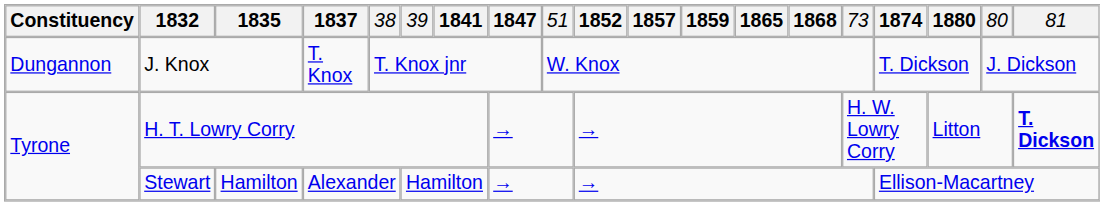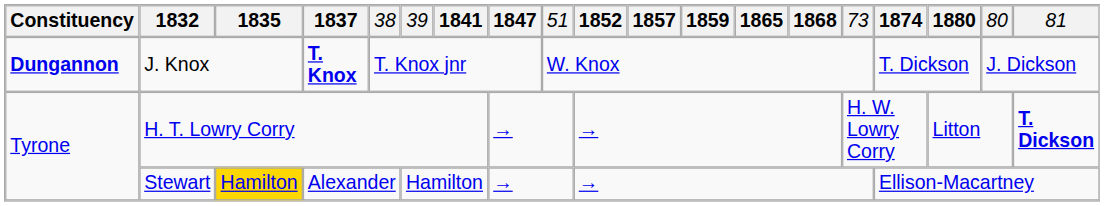 <table class="wikitable" style="border-collapse: separate; border-spacing: 0;">
 <tr>
 <th>Constituency</th>
 <th>1832</th>
 <th>1835</th>
 <th>1837</th>
 <th style="font-weight: normal;"><em>38</em></th>
 <th style="font-weight: normal;"><em>39</em></th>
 <th>1841</th>
 <th>1847</th>
 <th style="font-weight: normal;"><em>51</em></th>
 <th>1852</th>
 <th>1857</th>
 <th>1859</th>
 <th>1865</th>
 <th>1868</th>
 <th style="font-weight: normal;"><em>73</em></th>
 <th>1874</th>
 <th>1880</th>
 <th style="font-weight: normal;"><em>80</em></th>
 <th style="font-weight: normal;"><em>81</em></th>
 </tr>
 <tr>
-<td><a href='#'>Dungannon</a></td>
+<td><strong><a href='#'>Dungannon</a></strong></td>
 <td colspan="2">J. Knox</td>
-<td><a href='#'>T. Knox</a></td>
+<td><strong><a href='#'>T. Knox</a></strong></td>
 <td colspan="4"><a href='#'>T. Knox jnr</a></td>
 <td colspan="7"><a href='#'>W. Knox</a></td>
 <td colspan="2"><a href='#'>T. Dickson</a></td>
 <td colspan="2"><a href='#'>J. Dickson</a></td>
 </tr>
 <tr>
 <td rowspan="2"><a href='#'>Tyrone</a></td>
 <td colspan="6"><a href='#'>H. T. Lowry Corry</a></td>
 <td colspan="2"><a href='#'>→</a></td>
 <td colspan="5"><a href='#'>→</a></td>
 <td colspan="2"><a href='#'>H. W. Lowry Corry</a></td>
 <td colspan="2"><a href='#'>Litton</a></td>
 <td><strong><a href='#'>T. Dickson</a></strong></td>
 </tr>
 <tr>
 <td><a href='#'>Stewart</a></td>
-<td><a href='#'>Hamilton</a></td>
+<td style="background: gold;"><a href='#'>Hamilton</a></td>
 <td colspan="2"><a href='#'>Alexander</a></td>
 <td colspan="2"><a href='#'>Hamilton</a></td>
 <td colspan="2"><a href='#'>→</a></td>
 <td colspan="6"><a href='#'>→</a></td>
 <td colspan="4"><a href='#'>Ellison-Macartney</a></td>
 </tr>
 </table>
